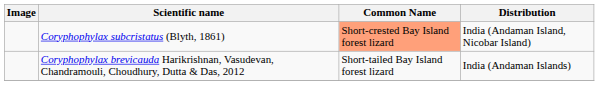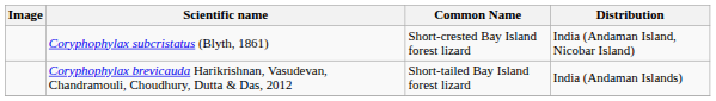 <table class="wikitable">
 <tr>
 <th>Image</th>
 <th>Scientific name</th>
 <th>Common Name</th>
 <th>Distribution</th>
 </tr>
 <tr>
 <td></td>
 <td><em><a href='#'>Coryphophylax subcristatus</a></em> (Blyth, 1861)</td>
-<td style="background: lightsalmon;">Short-crested Bay Island forest lizard</td>
+<td>Short-crested Bay Island forest lizard</td>
 <td>India (Andaman Island, Nicobar Island)</td>
 </tr>
 <tr>
 <td></td>
 <td><em><a href='#'>Coryphophylax brevicauda</a></em>  Harikrishnan, Vasudevan, Chandramouli, Choudhury, Dutta & Das, 2012</td>
 <td>Short-tailed Bay Island forest lizard</td>
 <td>India (Andaman Islands)</td>
 </tr>
 <tr>
 </tr>
 </table>
